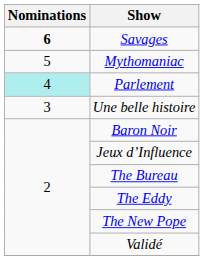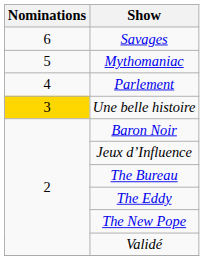 <table class="wikitable sortable" style="text-align: center; max-width:29em">
 <tr>
 <th scope="col">Nominations</th>
 <th scope="col">Show</th>
 </tr>
 <tr>
-<td scope="row" rowspan="1"><strong>6</strong></td>
+<td scope="row" rowspan="1">6</td>
 <td><em><a href='#'>Savages</a></em></td>
 </tr>
 <tr>
 <td scope="row" rowspan="1">5</td>
 <td><em><a href='#'>Mythomaniac</a></em></td>
 </tr>
 <tr>
-<td scope="row" rowspan="1" style="background: paleturquoise;">4</td>
+<td scope="row" rowspan="1">4</td>
 <td><em><a href='#'>Parlement</a></em></td>
 </tr>
 <tr>
-<td scope="row" rowspan="1">3</td>
+<td scope="row" rowspan="1" style="background: gold;">3</td>
 <td><em>Une belle histoire</em></td>
 </tr>
 <tr>
 <td scope="row" rowspan="6">2</td>
 <td><em><a href='#'>Baron Noir</a></em></td>
 </tr>
 <tr>
 <td><em>Jeux d’Influence</em></td>
 </tr>
 <tr>
 <td><em><a href='#'>The Bureau</a></em></td>
 </tr>
 <tr>
 <td><em><a href='#'>The Eddy</a></em></td>
 </tr>
 <tr>
 <td><em><a href='#'>The New Pope</a></em></td>
 </tr>
 <tr>
 <td><em>Validé</em></td>
 </tr>
 <tr>
 </tr>
 </table>
